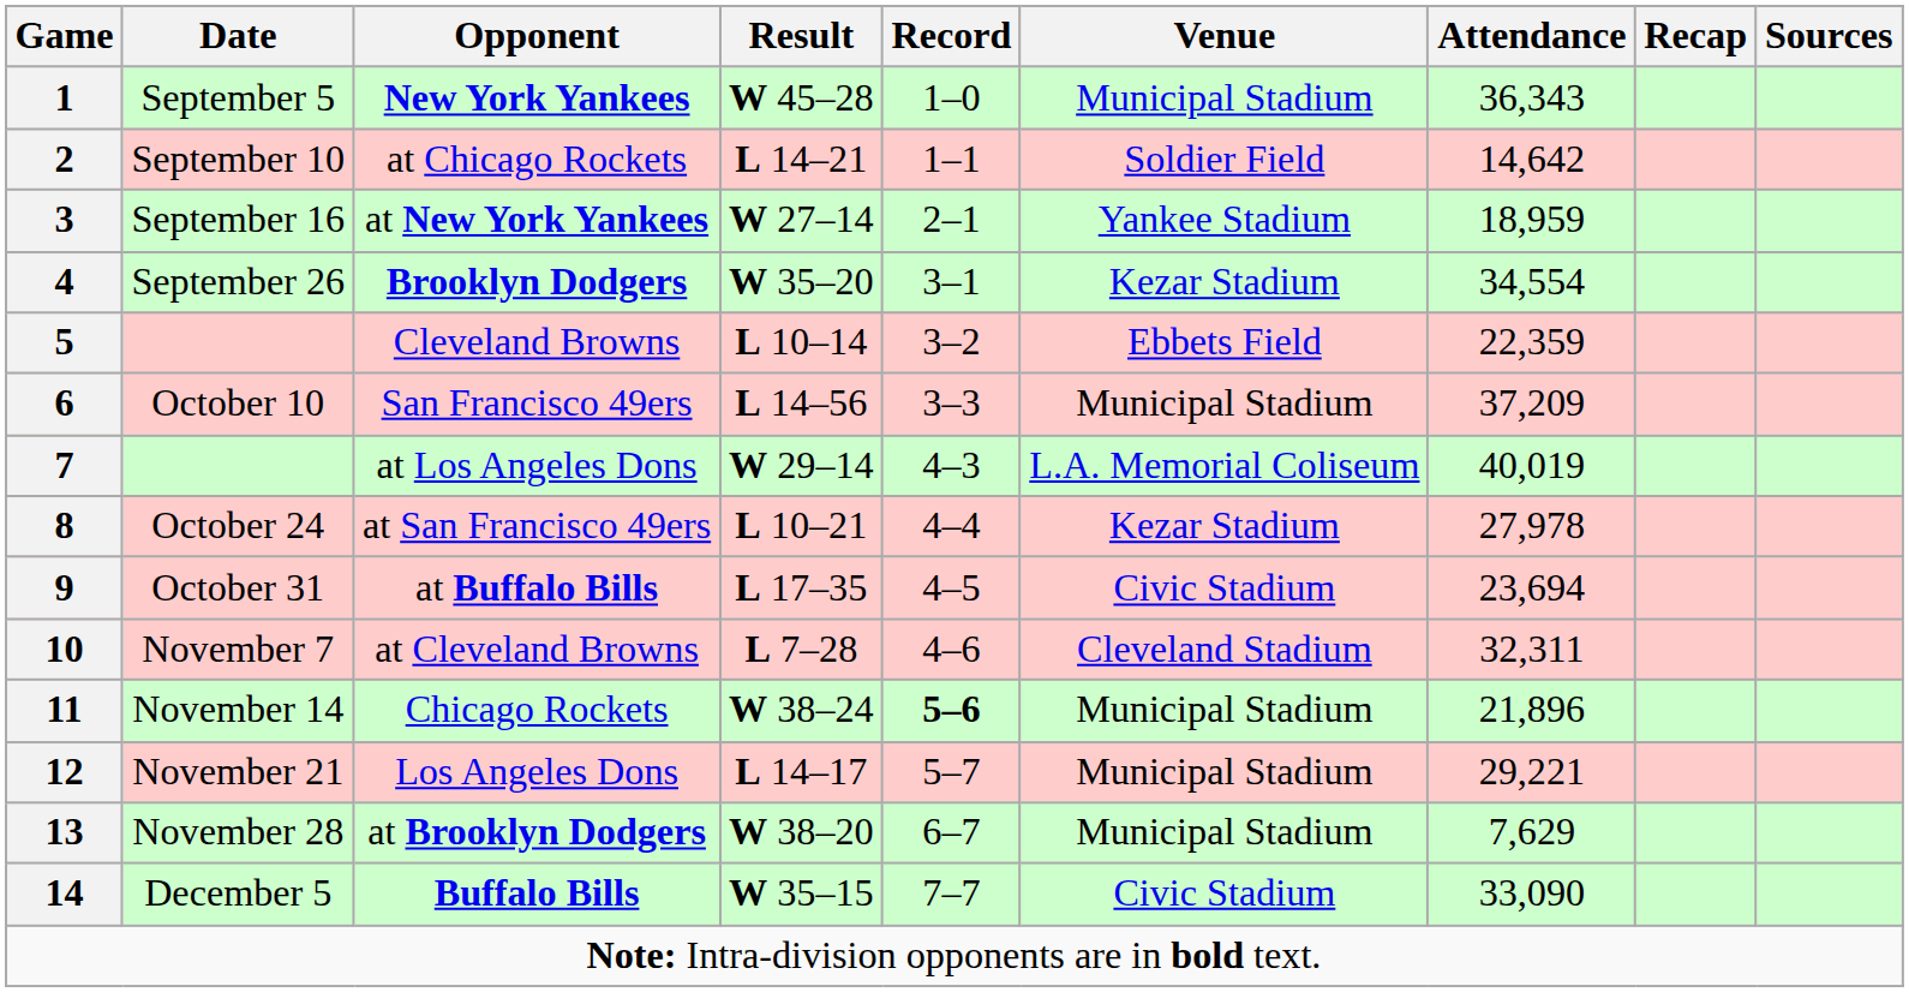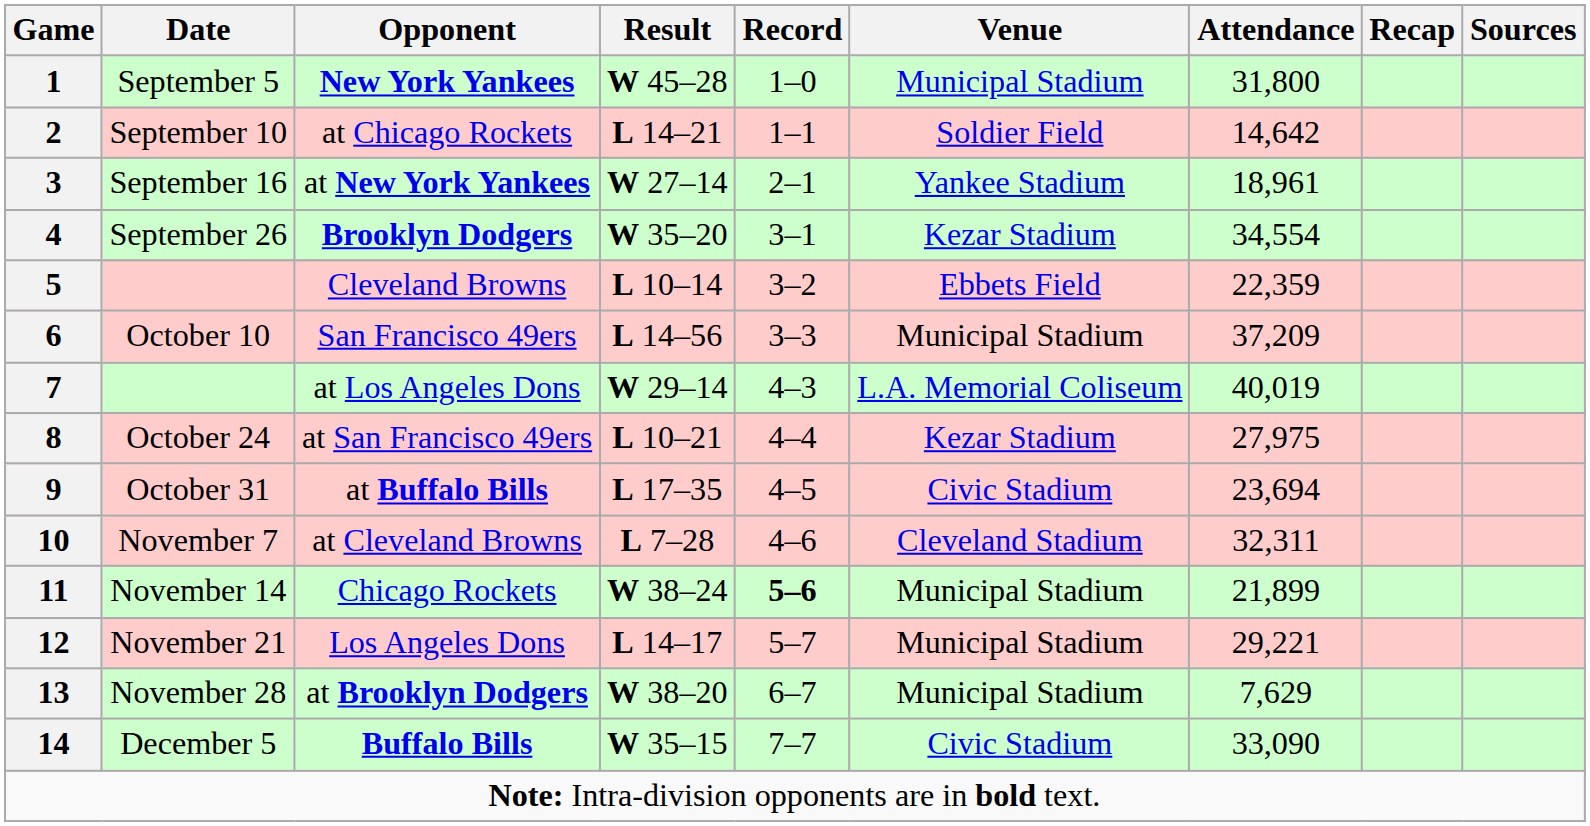 <table class="wikitable" style="text-align:center">
 <tr>
 <th>Game</th>
 <th>Date</th>
 <th>Opponent</th>
 <th>Result</th>
 <th>Record</th>
 <th>Venue</th>
 <th>Attendance</th>
 <th>Recap</th>
 <th>Sources</th>
 </tr>
 <tr style="background:#cfc">
 <th>1</th>
 <td>September 5</td>
 <td><strong><a href='#'>New York Yankees</a></strong></td>
 <td><strong>W</strong> 45–28</td>
 <td>1–0</td>
 <td><a href='#'>Municipal Stadium</a></td>
-<td>36,343</td>
+<td>31,800</td>
 <td></td>
 <td></td>
 </tr>
 <tr style="background:#fcc">
 <th>2</th>
 <td>September 10</td>
 <td>at <a href='#'>Chicago Rockets</a></td>
 <td><strong>L</strong> 14–21</td>
 <td>1–1</td>
 <td><a href='#'>Soldier Field</a></td>
 <td>14,642</td>
 <td></td>
 <td></td>
 </tr>
 <tr style="background:#cfc">
 <th>3</th>
 <td>September 16</td>
 <td>at <strong><a href='#'>New York Yankees</a></strong></td>
 <td><strong>W</strong> 27–14</td>
 <td>2–1</td>
 <td><a href='#'>Yankee Stadium</a></td>
-<td>18,959</td>
+<td>18,961</td>
 <td></td>
 <td></td>
 </tr>
 <tr style="background:#cfc">
 <th>4</th>
 <td>September 26</td>
 <td><strong><a href='#'>Brooklyn Dodgers</a></strong></td>
 <td><strong>W</strong> 35–20</td>
 <td>3–1</td>
 <td><a href='#'>Kezar Stadium</a></td>
 <td>34,554</td>
 <td></td>
 <td></td>
 </tr>
 <tr style="background:#fcc">
 <th>5</th>
 <td></td>
 <td><a href='#'>Cleveland Browns</a></td>
 <td><strong>L</strong> 10–14</td>
 <td>3–2</td>
 <td><a href='#'>Ebbets Field</a></td>
 <td>22,359</td>
 <td></td>
 <td></td>
 </tr>
 <tr style="background:#fcc">
 <th>6</th>
 <td>October 10</td>
 <td><a href='#'>San Francisco 49ers</a></td>
 <td><strong>L</strong> 14–56</td>
 <td>3–3</td>
 <td>Municipal Stadium</td>
 <td>37,209</td>
 <td></td>
 <td></td>
 </tr>
 <tr style="background:#cfc">
 <th>7</th>
 <td></td>
 <td>at <a href='#'>Los Angeles Dons</a></td>
 <td><strong>W</strong> 29–14</td>
 <td>4–3</td>
 <td><a href='#'>L.A. Memorial Coliseum</a></td>
 <td>40,019</td>
 <td></td>
 <td></td>
 </tr>
 <tr style="background:#fcc">
 <th>8</th>
 <td>October 24</td>
 <td>at <a href='#'>San Francisco 49ers</a></td>
 <td><strong>L</strong> 10–21</td>
 <td>4–4</td>
 <td><a href='#'>Kezar Stadium</a></td>
-<td>27,978</td>
+<td>27,975</td>
 <td></td>
 <td></td>
 </tr>
 <tr style="background:#fcc">
 <th>9</th>
 <td>October 31</td>
 <td>at <strong><a href='#'>Buffalo Bills</a></strong></td>
 <td><strong>L</strong> 17–35</td>
 <td>4–5</td>
 <td><a href='#'>Civic Stadium</a></td>
 <td>23,694</td>
 <td></td>
 <td></td>
 </tr>
 <tr style="background:#fcc">
 <th>10</th>
 <td>November 7</td>
 <td>at <a href='#'>Cleveland Browns</a></td>
 <td><strong>L</strong> 7–28</td>
 <td>4–6</td>
 <td><a href='#'>Cleveland Stadium</a></td>
 <td>32,311</td>
 <td></td>
 <td></td>
 </tr>
 <tr style="background:#cfc">
 <th>11</th>
 <td>November 14</td>
 <td><a href='#'>Chicago Rockets</a></td>
 <td><strong>W</strong> 38–24</td>
 <td><strong>5–6</strong></td>
 <td>Municipal Stadium</td>
-<td>21,896</td>
+<td>21,899</td>
 <td></td>
 <td></td>
 </tr>
 <tr style="background:#fcc">
 <th>12</th>
 <td>November 21</td>
 <td><a href='#'>Los Angeles Dons</a></td>
 <td><strong>L</strong> 14–17</td>
 <td>5–7</td>
 <td>Municipal Stadium</td>
 <td>29,221</td>
 <td></td>
 <td></td>
 </tr>
 <tr style="background:#cfc">
 <th>13</th>
 <td>November 28</td>
 <td>at <strong><a href='#'>Brooklyn Dodgers</a></strong></td>
 <td><strong>W</strong> 38–20</td>
 <td>6–7</td>
 <td>Municipal Stadium</td>
 <td>7,629</td>
 <td></td>
 <td></td>
 </tr>
 <tr style="background:#cfc">
 <th>14</th>
 <td>December 5</td>
 <td><strong><a href='#'>Buffalo Bills</a></strong></td>
 <td><strong>W</strong> 35–15</td>
 <td>7–7</td>
 <td><a href='#'>Civic Stadium</a></td>
 <td>33,090</td>
 <td></td>
 <td></td>
 </tr>
 <tr>
 <td colspan="10"><strong>Note:</strong> Intra-division opponents are in <strong>bold</strong> text.</td>
 </tr>
 </table>
